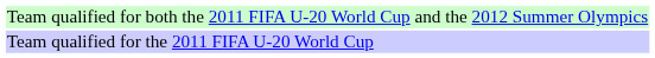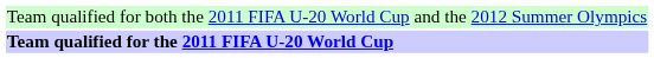 <table "wikitable" style="text-algin: left">
 <tr bgcolor=#ccffcc>
 <td>Team qualified for both the <a href='#'>2011 FIFA U-20 World Cup</a> and the <a href='#'>2012 Summer Olympics</a></td>
 </tr>
 <tr bgcolor=#ccccff>
-<td>Team qualified for the <a href='#'>2011 FIFA U-20 World Cup</a></td>
+<td><strong>Team qualified for the <a href='#'>2011 FIFA U-20 World Cup</a></strong></td>
 </tr>
 </table>
